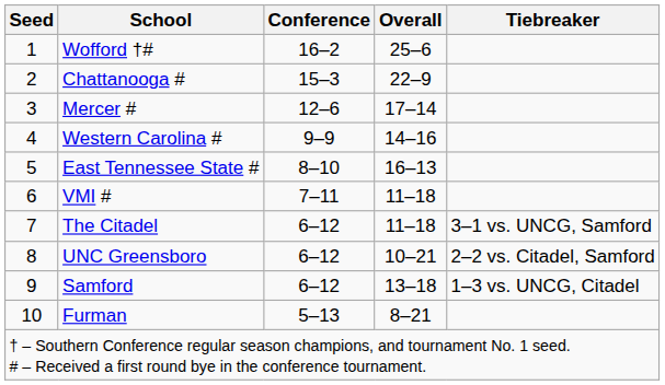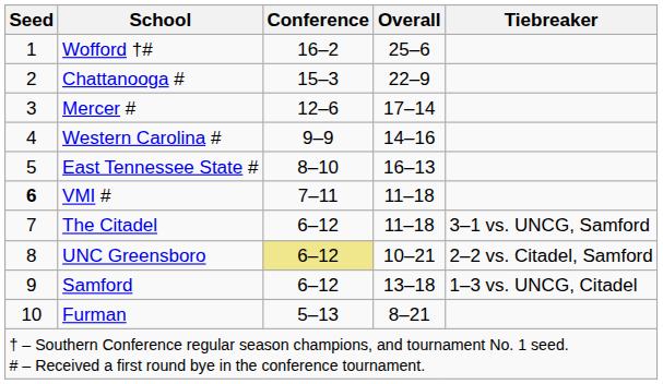 <table class="wikitable" style="white-space:nowrap; font-size:95%; text-align:center">
 <tr>
 <th>Seed</th>
 <th>School</th>
 <th>Conference</th>
 <th>Overall</th>
 <th>Tiebreaker</th>
 </tr>
 <tr>
 <td>1</td>
 <td align=left><a href='#'>Wofford</a> †#</td>
 <td>16–2</td>
 <td>25–6</td>
 <td></td>
 </tr>
 <tr>
 <td>2</td>
 <td align=left><a href='#'>Chattanooga</a> #</td>
 <td>15–3</td>
 <td>22–9</td>
 <td></td>
 </tr>
 <tr>
 <td>3</td>
 <td align=left><a href='#'>Mercer</a> #</td>
 <td>12–6</td>
 <td>17–14</td>
 <td></td>
 </tr>
 <tr>
 <td>4</td>
 <td align=left><a href='#'>Western Carolina</a> #</td>
 <td>9–9</td>
 <td>14–16</td>
 <td></td>
 </tr>
 <tr>
 <td>5</td>
 <td align=left><a href='#'>East Tennessee State</a> #</td>
 <td>8–10</td>
 <td>16–13</td>
 <td></td>
 </tr>
 <tr>
-<td>6</td>
+<td><strong>6</strong></td>
 <td align=left><a href='#'>VMI</a> #</td>
 <td>7–11</td>
 <td>11–18</td>
 <td></td>
 </tr>
 <tr>
 <td>7</td>
 <td align=left><a href='#'>The Citadel</a></td>
 <td>6–12</td>
 <td>11–18</td>
 <td align=left>3–1 vs. UNCG, Samford</td>
 </tr>
 <tr>
 <td>8</td>
 <td align=left><a href='#'>UNC Greensboro</a></td>
-<td>6–12</td>
+<td style="background: khaki;">6–12</td>
 <td>10–21</td>
 <td align=left>2–2 vs. Citadel, Samford</td>
 </tr>
 <tr>
 <td>9</td>
 <td align=left><a href='#'>Samford</a></td>
 <td>6–12</td>
 <td>13–18</td>
 <td align=left>1–3 vs. UNCG, Citadel</td>
 </tr>
 <tr>
 <td>10</td>
 <td align=left><a href='#'>Furman</a></td>
 <td>5–13</td>
 <td>8–21</td>
 <td></td>
 </tr>
 <tr>
 <td colspan=6 align=left><small>† – Southern Conference regular season champions, and tournament No. 1 seed.<br># – Received a first round bye in the conference tournament.</small></td>
 </tr>
 </table>
